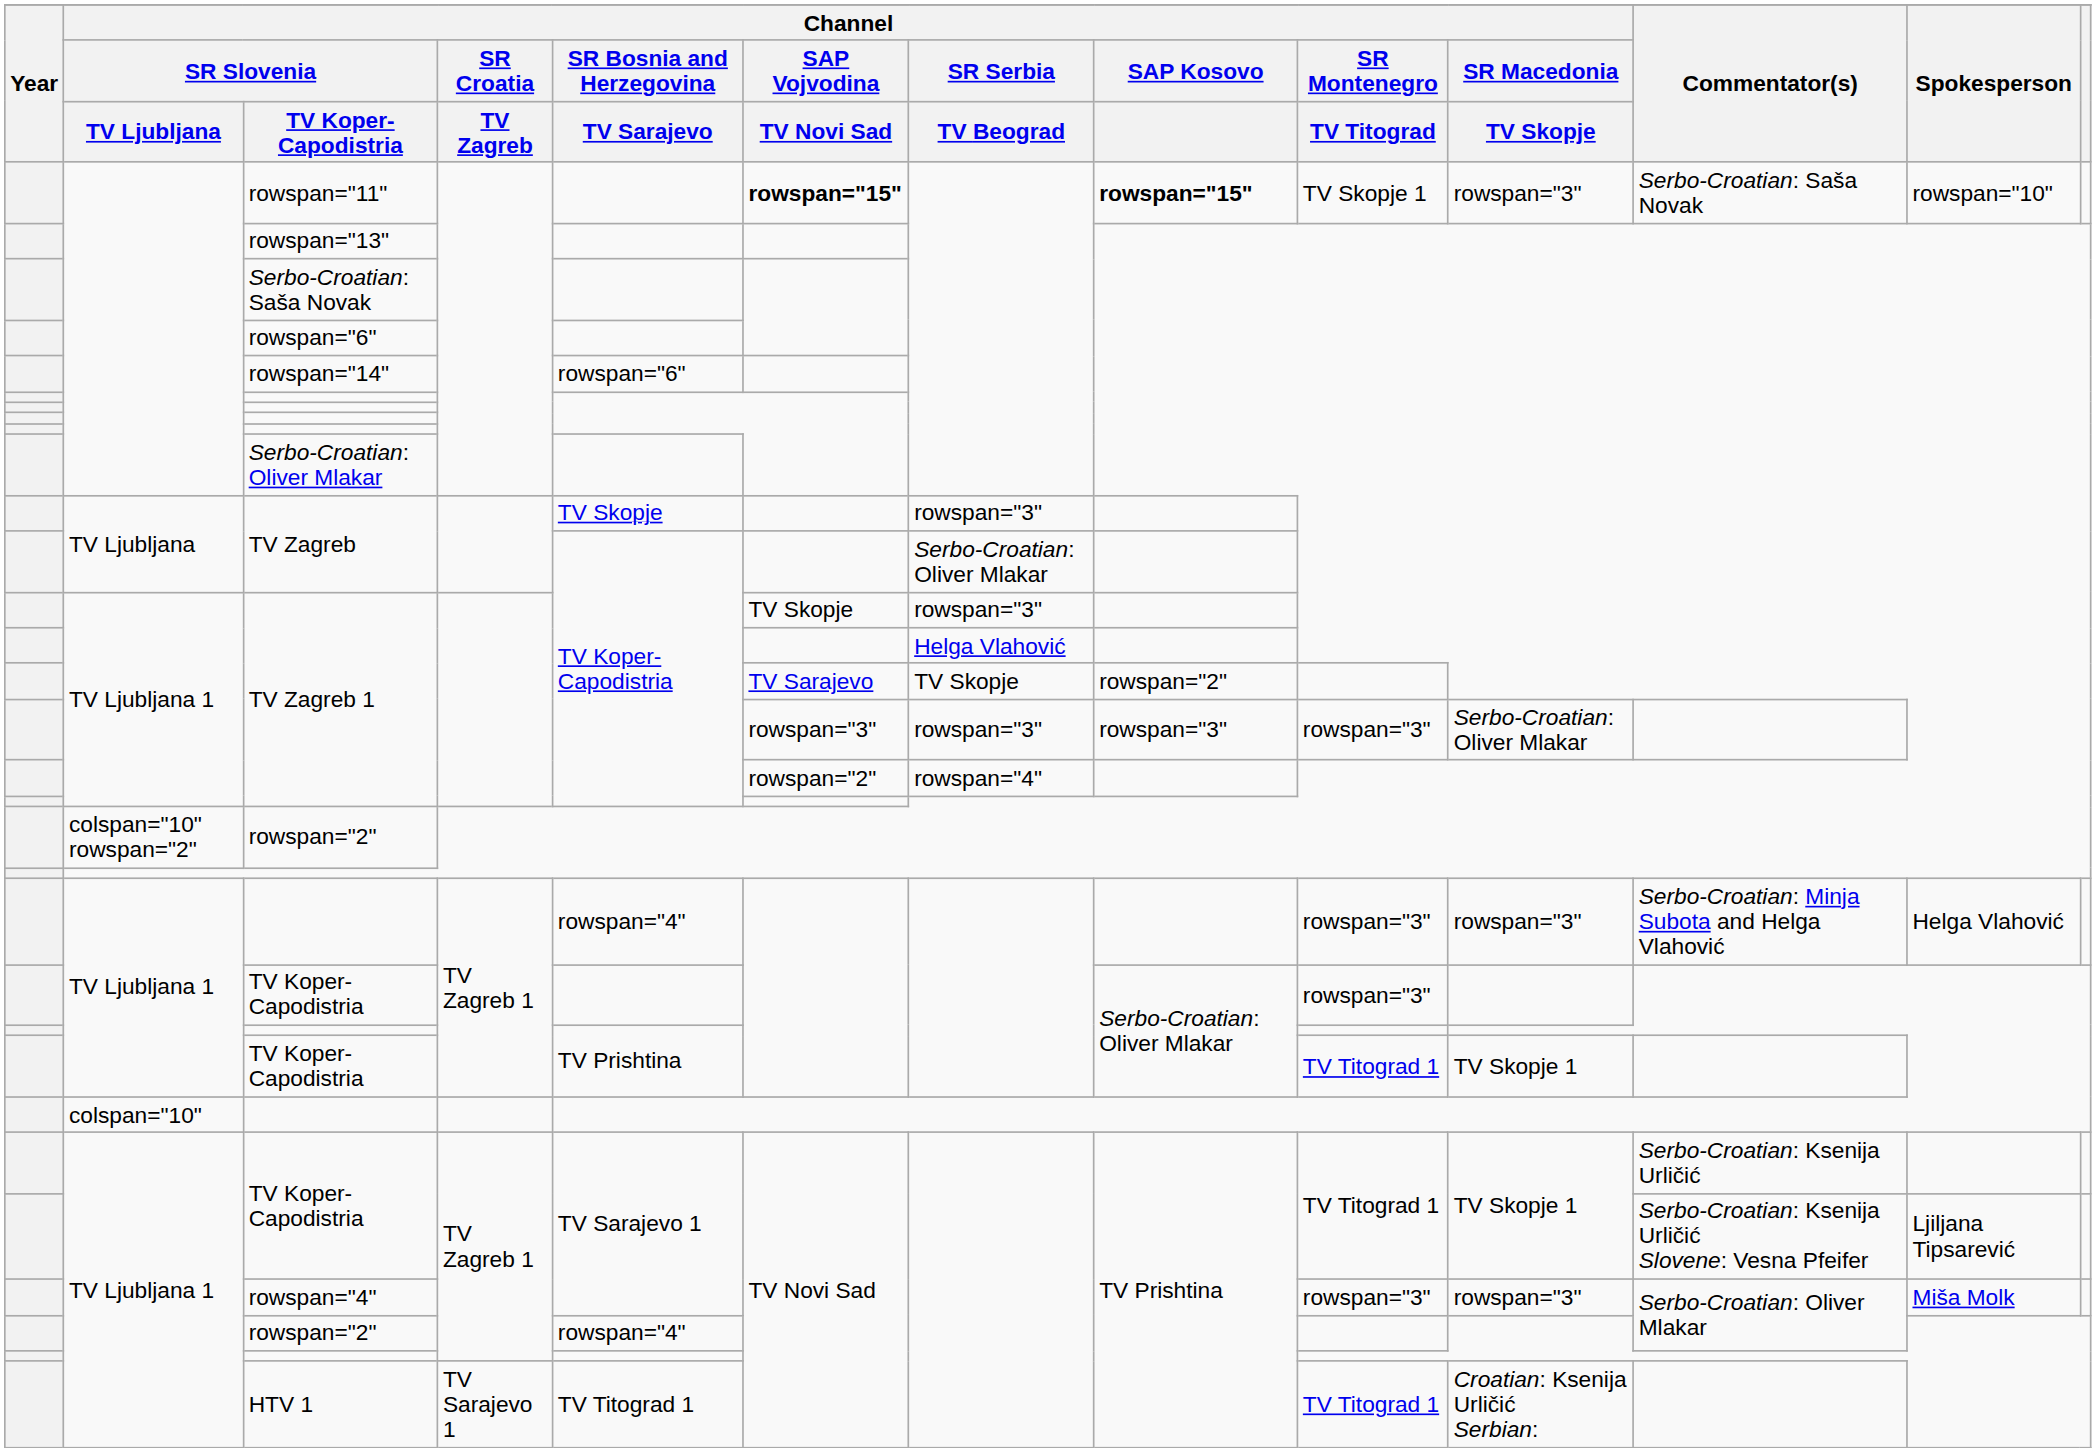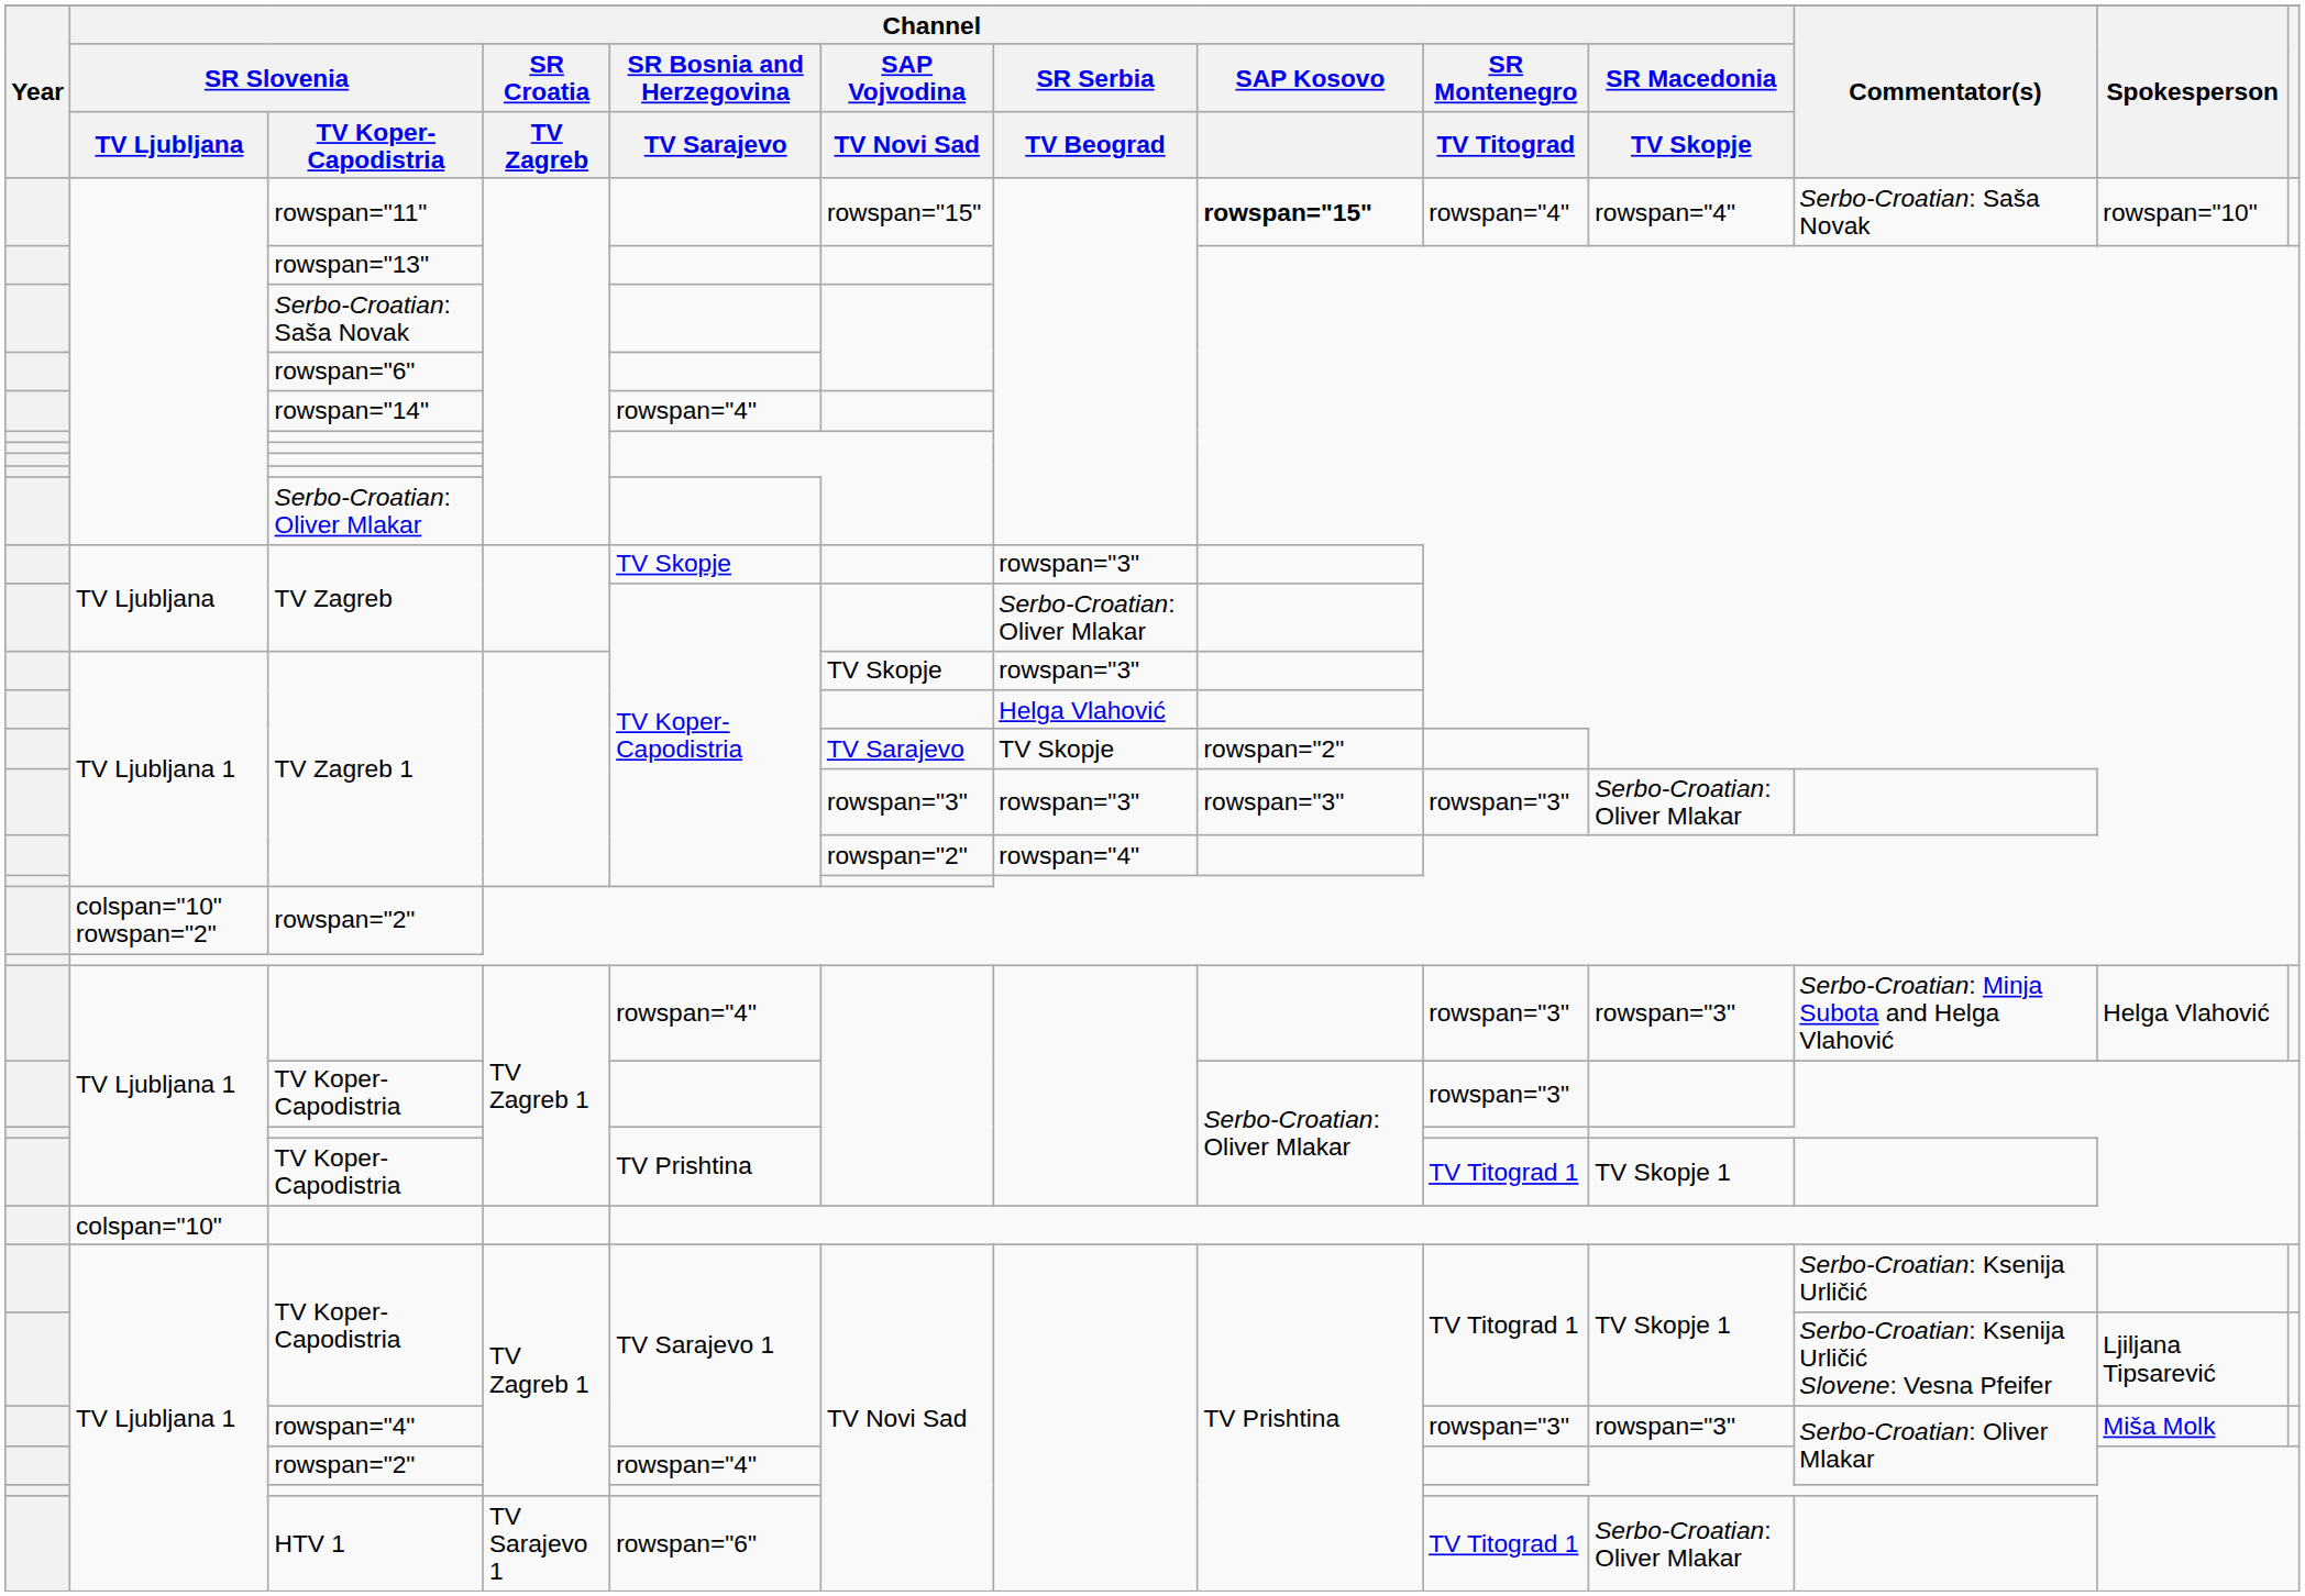 <table class="wikitable plainrowheaders" style="font-size:85%; text-align:left;">
 <tr>
 </tr>
 <tr>
 <th rowspan="3">Year</th>
 <th colspan="9">Channel</th>
 <th rowspan="3">Commentator(s)</th>
 <th rowspan="3">Spokesperson</th>
 <th rowspan="3"></th>
 </tr>
 <tr>
 <th colspan="2"><a href='#'>SR Slovenia</a></th>
 <th><a href='#'>SR Croatia</a></th>
 <th><a href='#'>SR Bosnia and Herzegovina</a></th>
 <th><a href='#'>SAP Vojvodina</a></th>
 <th><a href='#'>SR Serbia</a></th>
 <th><a href='#'>SAP Kosovo</a></th>
 <th><a href='#'>SR Montenegro</a></th>
 <th><a href='#'>SR Macedonia</a></th>
 </tr>
 <tr>
 <th><a href='#'>TV Ljubljana</a></th>
 <th><a href='#'>TV Koper-Capodistria</a></th>
 <th><a href='#'>TV Zagreb</a></th>
 <th><a href='#'>TV Sarajevo</a></th>
 <th><a href='#'>TV Novi Sad</a></th>
 <th><a href='#'>TV <span>Beograd</span></a></th>
 <th></th>
 <th><a href='#'>TV Titograd</a></th>
 <th><a href='#'>TV Skopje</a></th>
 </tr>
 <tr>
 <th scope="row"></th>
 <td rowspan="10"></td>
 <td>rowspan="11" </td>
 <td rowspan="10"></td>
 <td></td>
-<td><strong>rowspan="15" </strong></td>
+<td>rowspan="15" </td>
 <td rowspan="10"></td>
 <td><strong>rowspan="15" </strong></td>
-<td>TV Skopje 1</td>
-<td>rowspan="3" </td>
+<td>rowspan="4" </td>
+<td>rowspan="4" </td>
 <td><em>Serbo-Croatian</em>: Saša Novak</td>
 <td>rowspan="10" </td>
 <td style="text-align:center"></td>
 </tr>
 <tr>
 <th scope="row"></th>
 <td>rowspan="13" </td>
 <td></td>
 <td style="text-align:center"></td>
 </tr>
 <tr>
 <th scope="row"></th>
 <td><em>Serbo-Croatian</em>: Saša Novak</td>
 <td style="text-align:center"></td>
 </tr>
 <tr>
 <th scope="row"></th>
 <td>rowspan="6" </td>
 <td style="text-align:center"></td>
 </tr>
 <tr>
 <th scope="row"></th>
 <td>rowspan="14" </td>
-<td>rowspan="6" </td>
+<td>rowspan="4" </td>
 <td style="text-align:center"></td>
 </tr>
 <tr>
 <th scope="row"></th>
 <td style="text-align:center"></td>
 </tr>
 <tr>
 <th scope="row"></th>
 <td style="text-align:center"></td>
 </tr>
 <tr>
 <th scope="row"></th>
 <td style="text-align:center"></td>
 </tr>
 <tr>
 <th scope="row"></th>
 <td style="text-align:center"></td>
 </tr>
 <tr>
 <th scope="row"></th>
 <td><em>Serbo-Croatian</em>: <a href='#'>Oliver Mlakar</a></td>
 <td style="text-align:center"></td>
 </tr>
 <tr>
 <th scope="row"></th>
 <td rowspan="2">TV Ljubljana</td>
 <td rowspan="2">TV Zagreb</td>
 <td rowspan="2"></td>
 <td><a href='#'>TV Skopje</a></td>
 <td></td>
 <td>rowspan="3" </td>
 <td style="text-align:center"></td>
 </tr>
 <tr>
 <th scope="row"></th>
 <td rowspan="7"><a href='#'>TV Koper-Capodistria</a></td>
 <td></td>
 <td><em>Serbo-Croatian</em>: Oliver Mlakar</td>
 <td style="text-align:center"></td>
 </tr>
 <tr>
 <th scope="row"></th>
 <td rowspan="6">TV Ljubljana 1</td>
 <td rowspan="6">TV Zagreb 1</td>
 <td rowspan="6"></td>
 <td>TV Skopje</td>
 <td>rowspan="3" </td>
 <td style="text-align:center"></td>
 </tr>
 <tr>
 <th scope="row"></th>
 <td></td>
 <td><a href='#'>Helga Vlahović</a></td>
 <td style="text-align:center"></td>
 </tr>
 <tr>
 <th scope="row"></th>
 <td><a href='#'>TV Sarajevo</a></td>
 <td>TV Skopje</td>
 <td>rowspan="2" </td>
 <td style="text-align:center"></td>
 </tr>
 <tr>
 <th scope="row"></th>
 <td>rowspan="3" </td>
 <td>rowspan="3" </td>
 <td>rowspan="3" </td>
 <td>rowspan="3" </td>
 <td><em>Serbo-Croatian</em>: Oliver Mlakar</td>
 <td style="text-align:center"></td>
 </tr>
 <tr>
 <th scope="row"></th>
 <td>rowspan="2" </td>
 <td>rowspan="4" </td>
 <td style="text-align:center"></td>
 </tr>
 <tr>
 <th scope="row"></th>
 <td style="text-align:center"></td>
 </tr>
 <tr>
 <th scope="row"></th>
 <td>colspan="10" rowspan="2" </td>
 <td>rowspan="2" </td>
 </tr>
 <tr>
 <th scope="row"></th>
 </tr>
 <tr>
 <th scope="row"></th>
 <td rowspan="4">TV Ljubljana 1</td>
 <td></td>
 <td rowspan="4">TV Zagreb 1</td>
 <td>rowspan="4" </td>
 <td rowspan="4"></td>
 <td rowspan="4"></td>
 <td></td>
 <td>rowspan="3" </td>
 <td>rowspan="3" </td>
 <td><em>Serbo-Croatian</em>: <a href='#'>Minja Subota</a> and Helga Vlahović</td>
 <td>Helga Vlahović</td>
 <td></td>
 </tr>
 <tr>
 <th scope="row"></th>
 <td>TV Koper-Capodistria</td>
 <td></td>
 <td rowspan="3"><em>Serbo-Croatian</em>: Oliver Mlakar</td>
 <td>rowspan="3" </td>
 <td style="text-align:center"></td>
 </tr>
 <tr>
 <th scope="row"></th>
 <td></td>
 <td rowspan="2">TV Prishtina</td>
 <td style="text-align:center"></td>
 </tr>
 <tr>
 <th scope="row"></th>
 <td>TV Koper-Capodistria</td>
 <td><a href='#'>TV Titograd 1</a></td>
 <td>TV Skopje 1</td>
 <td style="text-align:center"></td>
 </tr>
 <tr>
 <th scope="row"></th>
 <td>colspan="10" </td>
 <td></td>
 <td></td>
 </tr>
 <tr>
 <th scope="row"></th>
 <td rowspan="6">TV Ljubljana 1</td>
 <td rowspan="2">TV Koper-Capodistria</td>
 <td rowspan="5">TV Zagreb 1</td>
 <td rowspan="3">TV Sarajevo 1</td>
 <td rowspan="6">TV Novi Sad</td>
 <td rowspan="6"></td>
 <td rowspan="6">TV Prishtina</td>
 <td rowspan="2">TV Titograd 1</td>
 <td rowspan="2">TV Skopje 1</td>
 <td><em>Serbo-Croatian</em>: Ksenija Urličić</td>
 <td></td>
 <td style="text-align:center"></td>
 </tr>
 <tr>
 <th scope="row"></th>
 <td><em>Serbo-Croatian</em>: Ksenija Urličić<br><em>Slovene</em>: Vesna Pfeifer</td>
 <td>Ljiljana Tipsarević</td>
 <td style="text-align:center"></td>
 </tr>
 <tr>
 <th scope="row"></th>
 <td>rowspan="4" </td>
 <td>rowspan="3" </td>
 <td>rowspan="3" </td>
 <td rowspan="2"><em>Serbo-Croatian</em>: Oliver Mlakar</td>
 <td><a href='#'>Miša Molk</a></td>
 <td style="text-align:center"></td>
 </tr>
 <tr>
 <th scope="row"></th>
 <td>rowspan="2" </td>
 <td>rowspan="4" </td>
 <td style="text-align:center"></td>
 </tr>
 <tr>
 <th scope="row"></th>
 <td></td>
 <td style="text-align:center"></td>
 </tr>
 <tr>
 <th scope="row"></th>
 <td>HTV 1</td>
 <td>TV Sarajevo 1</td>
-<td>TV Titograd 1</td>
+<td>rowspan="6" </td>
 <td><a href='#'>TV Titograd 1</a></td>
-<td><em>Croatian</em>: Ksenija Urličić<br><em>Serbian</em>: </td>
+<td><em>Serbo-Croatian</em>: Oliver Mlakar</td>
 <td style="text-align:center"></td>
 </tr>
 </table>
